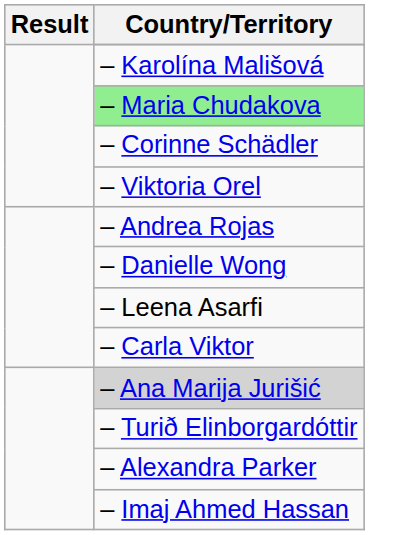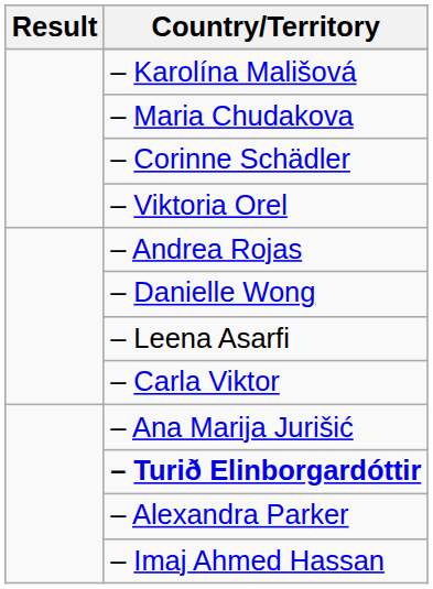 <table class="wikitable">
 <tr>
 <th>Result</th>
 <th>Country/Territory</th>
 </tr>
 <tr>
 <td rowspan=5 align=center></td>
 </tr>
 <tr>
 <td> – <a href='#'>Karolína Mališová</a></td>
 </tr>
 <tr>
-<td style="background: lightgreen;"> – <a href='#'>Maria Chudakova</a></td>
+<td> – <a href='#'>Maria Chudakova</a></td>
 </tr>
 <tr>
 <td> – <a href='#'>Corinne Schädler</a></td>
 </tr>
 <tr>
 <td> – <a href='#'>Viktoria Orel</a></td>
 </tr>
 <tr>
 <td rowspan=4 align=center></td>
 <td> – <a href='#'>Andrea Rojas</a></td>
 </tr>
 <tr>
 <td> – <a href='#'>Danielle Wong</a></td>
 </tr>
 <tr>
 <td> – Leena Asarfi</td>
 </tr>
 <tr>
 <td> – <a href='#'>Carla Viktor</a></td>
 </tr>
 <tr>
 <td rowspan=4 align=center></td>
-<td style="background: lightgrey;">  – <a href='#'>Ana Marija Jurišić</a></td>
+<td>  – <a href='#'>Ana Marija Jurišić</a></td>
 </tr>
 <tr>
-<td> – <a href='#'>Turið Elinborgardóttir</a></td>
+<td><strong> – <a href='#'>Turið Elinborgardóttir</a></strong></td>
 </tr>
 <tr>
 <td> – <a href='#'>Alexandra Parker</a></td>
 </tr>
 <tr>
 <td> – <a href='#'>Imaj Ahmed Hassan</a></td>
 </tr>
 </table>
